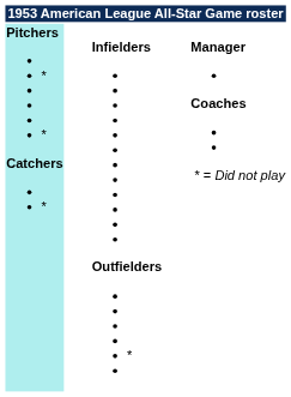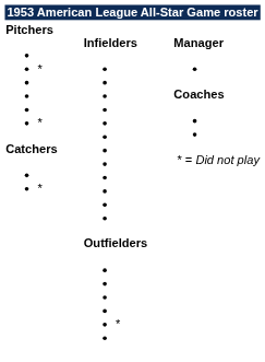 <table class="toccolours" style="font-size: 95%;">
 <tr>
 <th colspan=10 style="background-color:  #0d2b56; color: #FFFFFF; text-align: center;">1953 American League All-Star Game roster</th>
 </tr>
 <tr>
-<td valign="top" style="background: paleturquoise;"><strong>Pitchers</strong><br><ul><li></li><li> *</li><li></li><li></li><li></li><li> *</li></ul><strong>Catchers</strong><ul><li></li><li> *</li></ul></td>
+<td valign="top"><strong>Pitchers</strong><br><ul><li></li><li> *</li><li></li><li></li><li></li><li> *</li></ul><strong>Catchers</strong><ul><li></li><li> *</li></ul></td>
 <td width="25px"></td>
 <td valign="top"><br><strong>Infielders</strong><ul><li></li><li></li><li></li><li></li><li></li><li></li><li></li><li></li><li></li><li></li><li></li><li></li></ul><strong>Outfielders</strong><ul><li></li><li></li><li></li><li></li><li> *</li><li></li></ul></td>
 <td width="25px"></td>
 <td valign="top"><br><strong>Manager</strong><ul><li></li></ul><strong>Coaches</strong><ul><li></li><li></li></ul> * = <em>Did not play</em></td>
 </tr>
 <tr>
 </tr>
 </table>
